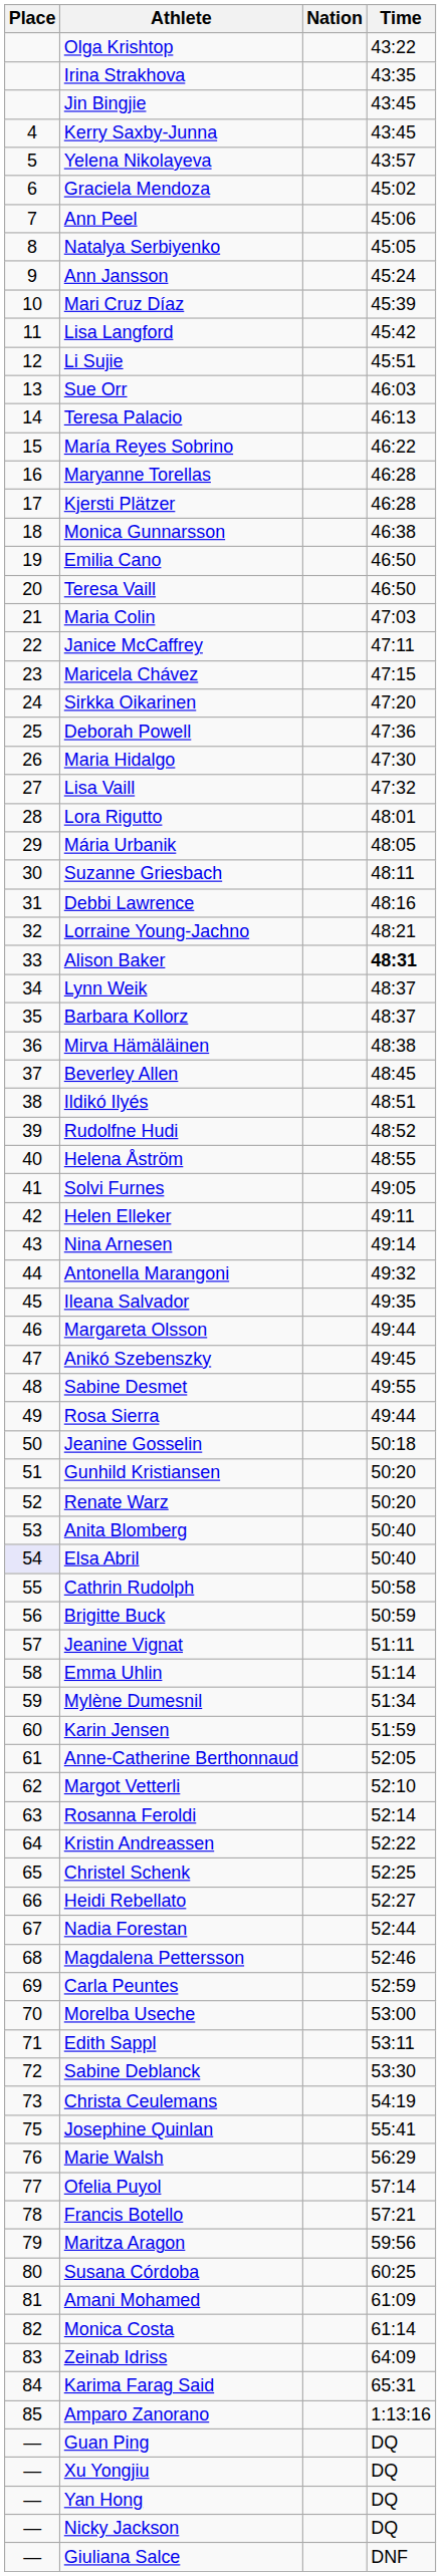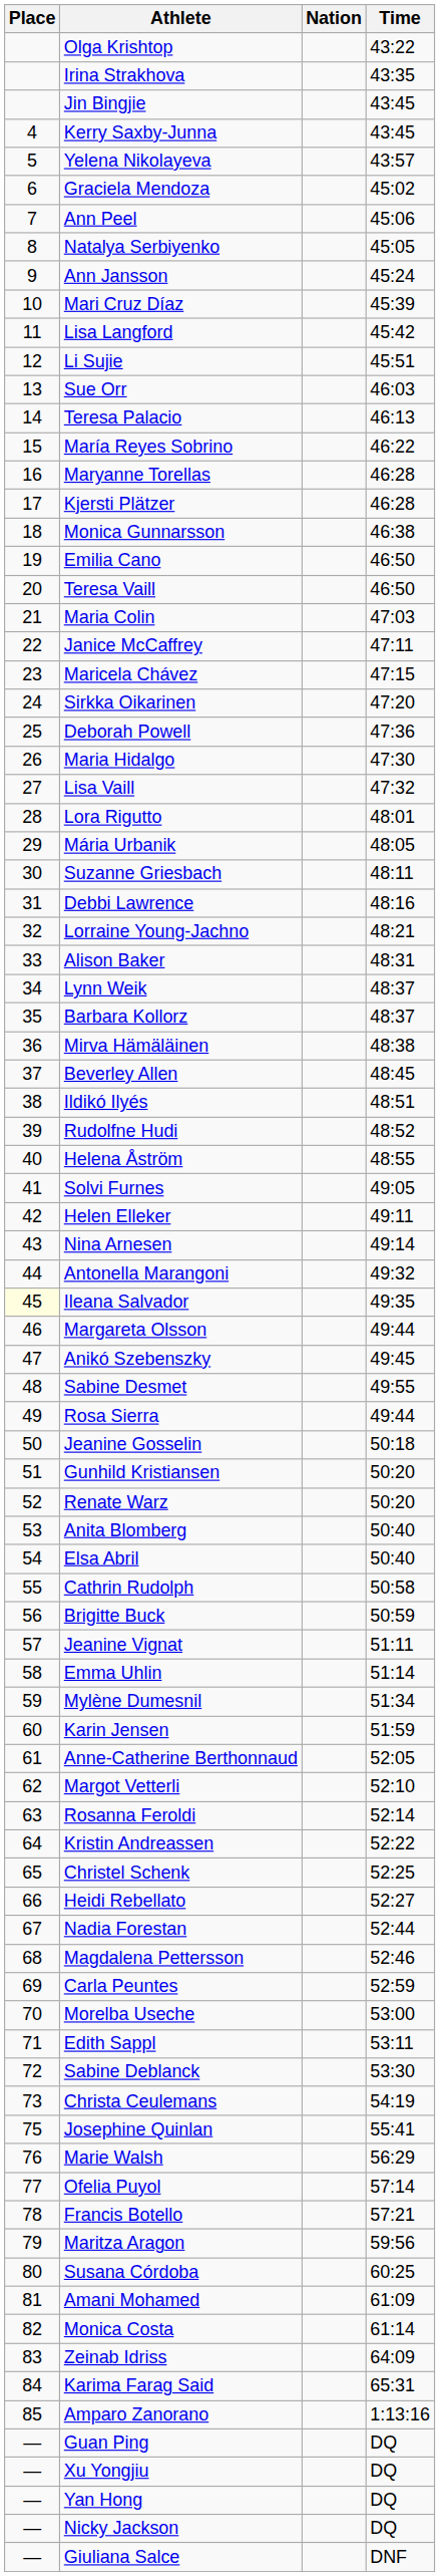 <table class=wikitable>
 <tr>
 <th>Place</th>
 <th>Athlete</th>
 <th>Nation</th>
 <th>Time</th>
 </tr>
 <tr>
 <td align=center></td>
 <td><a href='#'>Olga Krishtop</a></td>
 <td></td>
 <td>43:22</td>
 </tr>
 <tr>
 <td align=center></td>
 <td><a href='#'>Irina Strakhova</a></td>
 <td></td>
 <td>43:35</td>
 </tr>
 <tr>
 <td align=center></td>
 <td><a href='#'>Jin Bingjie</a></td>
 <td></td>
 <td>43:45</td>
 </tr>
 <tr>
 <td align=center>4</td>
 <td><a href='#'>Kerry Saxby-Junna</a></td>
 <td></td>
 <td>43:45</td>
 </tr>
 <tr>
 <td align=center>5</td>
 <td><a href='#'>Yelena Nikolayeva</a></td>
 <td></td>
 <td>43:57</td>
 </tr>
 <tr>
 <td align=center>6</td>
 <td><a href='#'>Graciela Mendoza</a></td>
 <td></td>
 <td>45:02</td>
 </tr>
 <tr>
 <td align=center>7</td>
 <td><a href='#'>Ann Peel</a></td>
 <td></td>
 <td>45:06</td>
 </tr>
 <tr>
 <td align=center>8</td>
 <td><a href='#'>Natalya Serbiyenko</a></td>
 <td></td>
 <td>45:05</td>
 </tr>
 <tr>
 <td align=center>9</td>
 <td><a href='#'>Ann Jansson</a></td>
 <td></td>
 <td>45:24</td>
 </tr>
 <tr>
 <td align=center>10</td>
 <td><a href='#'>Mari Cruz Díaz</a></td>
 <td></td>
 <td>45:39</td>
 </tr>
 <tr>
 <td align=center>11</td>
 <td><a href='#'>Lisa Langford</a></td>
 <td></td>
 <td>45:42</td>
 </tr>
 <tr>
 <td align=center>12</td>
 <td><a href='#'>Li Sujie</a></td>
 <td></td>
 <td>45:51</td>
 </tr>
 <tr>
 <td align=center>13</td>
 <td><a href='#'>Sue Orr</a></td>
 <td></td>
 <td>46:03</td>
 </tr>
 <tr>
 <td align=center>14</td>
 <td><a href='#'>Teresa Palacio</a></td>
 <td></td>
 <td>46:13</td>
 </tr>
 <tr>
 <td align=center>15</td>
 <td><a href='#'>María Reyes Sobrino</a></td>
 <td></td>
 <td>46:22</td>
 </tr>
 <tr>
 <td align=center>16</td>
 <td><a href='#'>Maryanne Torellas</a></td>
 <td></td>
 <td>46:28</td>
 </tr>
 <tr>
 <td align=center>17</td>
 <td><a href='#'>Kjersti Plätzer</a></td>
 <td></td>
 <td>46:28</td>
 </tr>
 <tr>
 <td align=center>18</td>
 <td><a href='#'>Monica Gunnarsson</a></td>
 <td></td>
 <td>46:38</td>
 </tr>
 <tr>
 <td align=center>19</td>
 <td><a href='#'>Emilia Cano</a></td>
 <td></td>
 <td>46:50</td>
 </tr>
 <tr>
 <td align=center>20</td>
 <td><a href='#'>Teresa Vaill</a></td>
 <td></td>
 <td>46:50</td>
 </tr>
 <tr>
 <td align=center>21</td>
 <td><a href='#'>Maria Colin</a></td>
 <td></td>
 <td>47:03</td>
 </tr>
 <tr>
 <td align=center>22</td>
 <td><a href='#'>Janice McCaffrey</a></td>
 <td></td>
 <td>47:11</td>
 </tr>
 <tr>
 <td align=center>23</td>
 <td><a href='#'>Maricela Chávez</a></td>
 <td></td>
 <td>47:15</td>
 </tr>
 <tr>
 <td align=center>24</td>
 <td><a href='#'>Sirkka Oikarinen</a></td>
 <td></td>
 <td>47:20</td>
 </tr>
 <tr>
 <td align=center>25</td>
 <td><a href='#'>Deborah Powell</a></td>
 <td></td>
 <td>47:36</td>
 </tr>
 <tr>
 <td align=center>26</td>
 <td><a href='#'>Maria Hidalgo</a></td>
 <td></td>
 <td>47:30</td>
 </tr>
 <tr>
 <td align=center>27</td>
 <td><a href='#'>Lisa Vaill</a></td>
 <td></td>
 <td>47:32</td>
 </tr>
 <tr>
 <td align=center>28</td>
 <td><a href='#'>Lora Rigutto</a></td>
 <td></td>
 <td>48:01</td>
 </tr>
 <tr>
 <td align=center>29</td>
 <td><a href='#'>Mária Urbanik</a></td>
 <td></td>
 <td>48:05</td>
 </tr>
 <tr>
 <td align=center>30</td>
 <td><a href='#'>Suzanne Griesbach</a></td>
 <td></td>
 <td>48:11</td>
 </tr>
 <tr>
 <td align=center>31</td>
 <td><a href='#'>Debbi Lawrence</a></td>
 <td></td>
 <td>48:16</td>
 </tr>
 <tr>
 <td align=center>32</td>
 <td><a href='#'>Lorraine Young-Jachno</a></td>
 <td></td>
 <td>48:21</td>
 </tr>
 <tr>
 <td align=center>33</td>
 <td><a href='#'>Alison Baker</a></td>
 <td></td>
-<td><strong>48:31</strong></td>
+<td>48:31</td>
 </tr>
 <tr>
 <td align=center>34</td>
 <td><a href='#'>Lynn Weik</a></td>
 <td></td>
 <td>48:37</td>
 </tr>
 <tr>
 <td align=center>35</td>
 <td><a href='#'>Barbara Kollorz</a></td>
 <td></td>
 <td>48:37</td>
 </tr>
 <tr>
 <td align=center>36</td>
 <td><a href='#'>Mirva Hämäläinen</a></td>
 <td></td>
 <td>48:38</td>
 </tr>
 <tr>
 <td align=center>37</td>
 <td><a href='#'>Beverley Allen</a></td>
 <td></td>
 <td>48:45</td>
 </tr>
 <tr>
 <td align=center>38</td>
 <td><a href='#'>Ildikó Ilyés</a></td>
 <td></td>
 <td>48:51</td>
 </tr>
 <tr>
 <td align=center>39</td>
 <td><a href='#'>Rudolfne Hudi</a></td>
 <td></td>
 <td>48:52</td>
 </tr>
 <tr>
 <td align=center>40</td>
 <td><a href='#'>Helena Åström</a></td>
 <td></td>
 <td>48:55</td>
 </tr>
 <tr>
 <td align=center>41</td>
 <td><a href='#'>Solvi Furnes</a></td>
 <td></td>
 <td>49:05</td>
 </tr>
 <tr>
 <td align=center>42</td>
 <td><a href='#'>Helen Elleker</a></td>
 <td></td>
 <td>49:11</td>
 </tr>
 <tr>
 <td align=center>43</td>
 <td><a href='#'>Nina Arnesen</a></td>
 <td></td>
 <td>49:14</td>
 </tr>
 <tr>
 <td align=center>44</td>
 <td><a href='#'>Antonella Marangoni</a></td>
 <td></td>
 <td>49:32</td>
 </tr>
 <tr>
-<td align=center>45</td>
+<td align=center style="background: lightyellow;">45</td>
 <td><a href='#'>Ileana Salvador</a></td>
 <td></td>
 <td>49:35</td>
 </tr>
 <tr>
 <td align=center>46</td>
 <td><a href='#'>Margareta Olsson</a></td>
 <td></td>
 <td>49:44</td>
 </tr>
 <tr>
 <td align=center>47</td>
 <td><a href='#'>Anikó Szebenszky</a></td>
 <td></td>
 <td>49:45</td>
 </tr>
 <tr>
 <td align=center>48</td>
 <td><a href='#'>Sabine Desmet</a></td>
 <td></td>
 <td>49:55</td>
 </tr>
 <tr>
 <td align=center>49</td>
 <td><a href='#'>Rosa Sierra</a></td>
 <td></td>
 <td>49:44</td>
 </tr>
 <tr>
 <td align=center>50</td>
 <td><a href='#'>Jeanine Gosselin</a></td>
 <td></td>
 <td>50:18</td>
 </tr>
 <tr>
 <td align=center>51</td>
 <td><a href='#'>Gunhild Kristiansen</a></td>
 <td></td>
 <td>50:20</td>
 </tr>
 <tr>
 <td align=center>52</td>
 <td><a href='#'>Renate Warz</a></td>
 <td></td>
 <td>50:20</td>
 </tr>
 <tr>
 <td align=center>53</td>
 <td><a href='#'>Anita Blomberg</a></td>
 <td></td>
 <td>50:40</td>
 </tr>
 <tr>
-<td align=center style="background: lavender;">54</td>
+<td align=center>54</td>
 <td><a href='#'>Elsa Abril</a></td>
 <td></td>
 <td>50:40</td>
 </tr>
 <tr>
 <td align=center>55</td>
 <td><a href='#'>Cathrin Rudolph</a></td>
 <td></td>
 <td>50:58</td>
 </tr>
 <tr>
 <td align=center>56</td>
 <td><a href='#'>Brigitte Buck</a></td>
 <td></td>
 <td>50:59</td>
 </tr>
 <tr>
 <td align=center>57</td>
 <td><a href='#'>Jeanine Vignat</a></td>
 <td></td>
 <td>51:11</td>
 </tr>
 <tr>
 <td align=center>58</td>
 <td><a href='#'>Emma Uhlin</a></td>
 <td></td>
 <td>51:14</td>
 </tr>
 <tr>
 <td align=center>59</td>
 <td><a href='#'>Mylène Dumesnil</a></td>
 <td></td>
 <td>51:34</td>
 </tr>
 <tr>
 <td align=center>60</td>
 <td><a href='#'>Karin Jensen</a></td>
 <td></td>
 <td>51:59</td>
 </tr>
 <tr>
 <td align=center>61</td>
 <td><a href='#'>Anne-Catherine Berthonnaud</a></td>
 <td></td>
 <td>52:05</td>
 </tr>
 <tr>
 <td align=center>62</td>
 <td><a href='#'>Margot Vetterli</a></td>
 <td></td>
 <td>52:10</td>
 </tr>
 <tr>
 <td align=center>63</td>
 <td><a href='#'>Rosanna Feroldi</a></td>
 <td></td>
 <td>52:14</td>
 </tr>
 <tr>
 <td align=center>64</td>
 <td><a href='#'>Kristin Andreassen</a></td>
 <td></td>
 <td>52:22</td>
 </tr>
 <tr>
 <td align=center>65</td>
 <td><a href='#'>Christel Schenk</a></td>
 <td></td>
 <td>52:25</td>
 </tr>
 <tr>
 <td align=center>66</td>
 <td><a href='#'>Heidi Rebellato</a></td>
 <td></td>
 <td>52:27</td>
 </tr>
 <tr>
 <td align=center>67</td>
 <td><a href='#'>Nadia Forestan</a></td>
 <td></td>
 <td>52:44</td>
 </tr>
 <tr>
 <td align=center>68</td>
 <td><a href='#'>Magdalena Pettersson</a></td>
 <td></td>
 <td>52:46</td>
 </tr>
 <tr>
 <td align=center>69</td>
 <td><a href='#'>Carla Peuntes</a></td>
 <td></td>
 <td>52:59</td>
 </tr>
 <tr>
 <td align=center>70</td>
 <td><a href='#'>Morelba Useche</a></td>
 <td></td>
 <td>53:00</td>
 </tr>
 <tr>
 <td align=center>71</td>
 <td><a href='#'>Edith Sappl</a></td>
 <td></td>
 <td>53:11</td>
 </tr>
 <tr>
 <td align=center>72</td>
 <td><a href='#'>Sabine Deblanck</a></td>
 <td></td>
 <td>53:30</td>
 </tr>
 <tr>
 <td align=center>73</td>
 <td><a href='#'>Christa Ceulemans</a></td>
 <td></td>
 <td>54:19</td>
 </tr>
 <tr>
 <td align=center>75</td>
 <td><a href='#'>Josephine Quinlan</a></td>
 <td></td>
 <td>55:41</td>
 </tr>
 <tr>
 <td align=center>76</td>
 <td><a href='#'>Marie Walsh</a></td>
 <td></td>
 <td>56:29</td>
 </tr>
 <tr>
 <td align=center>77</td>
 <td><a href='#'>Ofelia Puyol</a></td>
 <td></td>
 <td>57:14</td>
 </tr>
 <tr>
 <td align=center>78</td>
 <td><a href='#'>Francis Botello</a></td>
 <td></td>
 <td>57:21</td>
 </tr>
 <tr>
 <td align=center>79</td>
 <td><a href='#'>Maritza Aragon</a></td>
 <td></td>
 <td>59:56</td>
 </tr>
 <tr>
 <td align=center>80</td>
 <td><a href='#'>Susana Córdoba</a></td>
 <td></td>
 <td>60:25</td>
 </tr>
 <tr>
 <td align=center>81</td>
 <td><a href='#'>Amani Mohamed</a></td>
 <td></td>
 <td>61:09</td>
 </tr>
 <tr>
 <td align=center>82</td>
 <td><a href='#'>Monica Costa</a></td>
 <td></td>
 <td>61:14</td>
 </tr>
 <tr>
 <td align=center>83</td>
 <td><a href='#'>Zeinab Idriss</a></td>
 <td></td>
 <td>64:09</td>
 </tr>
 <tr>
 <td align=center>84</td>
 <td><a href='#'>Karima Farag Said</a></td>
 <td></td>
 <td>65:31</td>
 </tr>
 <tr>
 <td align=center>85</td>
 <td><a href='#'>Amparo Zanorano</a></td>
 <td></td>
 <td>1:13:16</td>
 </tr>
 <tr>
 <td align=center>—</td>
 <td><a href='#'>Guan Ping</a></td>
 <td></td>
 <td>DQ</td>
 </tr>
 <tr>
 <td align=center>—</td>
 <td><a href='#'>Xu Yongjiu</a></td>
 <td></td>
 <td>DQ</td>
 </tr>
 <tr>
 <td align=center>—</td>
 <td><a href='#'>Yan Hong</a></td>
 <td></td>
 <td>DQ</td>
 </tr>
 <tr>
 <td align=center>—</td>
 <td><a href='#'>Nicky Jackson</a></td>
 <td></td>
 <td>DQ</td>
 </tr>
 <tr>
 <td align=center>—</td>
 <td><a href='#'>Giuliana Salce</a></td>
 <td></td>
 <td>DNF</td>
 </tr>
 </table>
